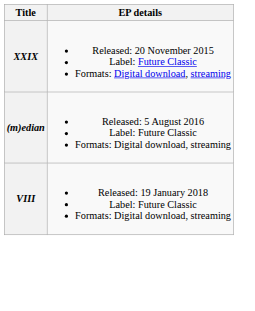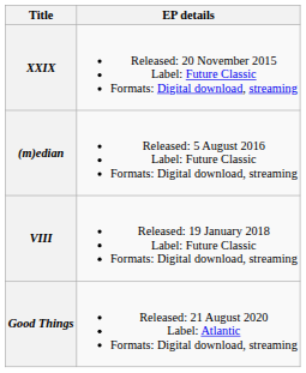 <table class="wikitable plainrowheaders" style="text-align:center;">
 <tr>
 <th>Title</th>
 <th>EP details</th>
 </tr>
 <tr>
 <th scope="row"><em>XXIX</em></th>
 <td><br><ul><li>Released: 20 November 2015</li><li>Label: <a href='#'>Future Classic</a></li><li>Formats: <a href='#'>Digital download</a>, <a href='#'>streaming</a></li></ul></td>
 </tr>
 <tr>
 <th scope="row"><em>(m)edian</em><br></th>
 <td><br><ul><li>Released: 5 August 2016</li><li>Label: Future Classic</li><li>Formats: Digital download, streaming</li></ul></td>
 </tr>
 <tr>
 <th scope="row"><em>VIII</em></th>
 <td><br><ul><li>Released: 19 January 2018</li><li>Label: Future Classic</li><li>Formats: Digital download, streaming</li></ul></td>
 </tr>
+<tr>
+<th scope="row"><em>Good Things</em></th>
+<td><br><ul><li>Released: 21 August 2020</li><li>Label: <a href='#'>Atlantic</a></li><li>Formats: Digital download, streaming</li></ul></td>
+</tr>
 </table>
